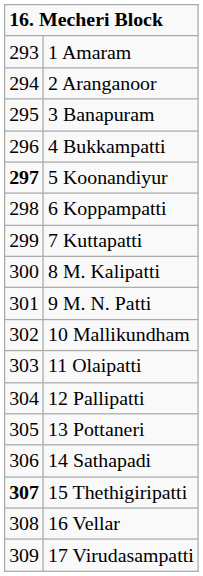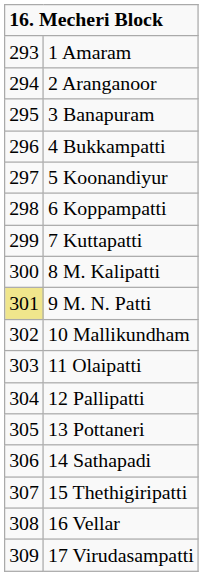 <table class="wikitable">
 <tr>
 <td colspan="2"><strong>16. Mecheri Block</strong></td>
 </tr>
 <tr>
 <td>293</td>
 <td>1 Amaram</td>
 </tr>
 <tr>
 <td>294</td>
 <td>2 Aranganoor</td>
 </tr>
 <tr>
 <td>295</td>
 <td>3 Banapuram</td>
 </tr>
 <tr>
 <td>296</td>
 <td>4 Bukkampatti</td>
 </tr>
 <tr>
-<td><strong>297</strong></td>
+<td>297</td>
 <td>5 Koonandiyur</td>
 </tr>
 <tr>
 <td>298</td>
 <td>6 Koppampatti</td>
 </tr>
 <tr>
 <td>299</td>
 <td>7 Kuttapatti</td>
 </tr>
 <tr>
 <td>300</td>
 <td>8 M. Kalipatti</td>
 </tr>
 <tr>
-<td>301</td>
+<td style="background: khaki;">301</td>
 <td>9 M. N. Patti</td>
 </tr>
 <tr>
 <td>302</td>
 <td>10 Mallikundham</td>
 </tr>
 <tr>
 <td>303</td>
 <td>11 Olaipatti</td>
 </tr>
 <tr>
 <td>304</td>
 <td>12 Pallipatti</td>
 </tr>
 <tr>
 <td>305</td>
 <td>13 Pottaneri</td>
 </tr>
 <tr>
 <td>306</td>
 <td>14 Sathapadi</td>
 </tr>
 <tr>
-<td><strong>307</strong></td>
+<td>307</td>
 <td>15 Thethigiripatti</td>
 </tr>
 <tr>
 <td>308</td>
 <td>16 Vellar</td>
 </tr>
 <tr>
 <td>309</td>
 <td>17 Virudasampatti</td>
 </tr>
 </table>
